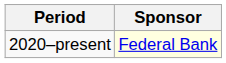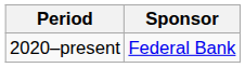 <table class="wikitable" style="text-align:center;margin-left:1em;float:center">
 <tr>
 <th>Period</th>
 <th>Sponsor</th>
 </tr>
 <tr>
 <td>2020–present</td>
-<td style="background: lightyellow;"><a href='#'>Federal Bank</a></td>
+<td><a href='#'>Federal Bank</a></td>
 </tr>
 </table>
